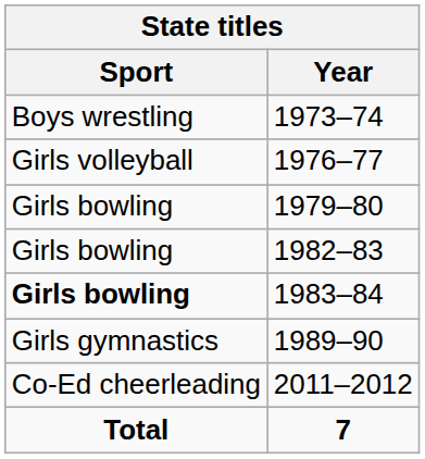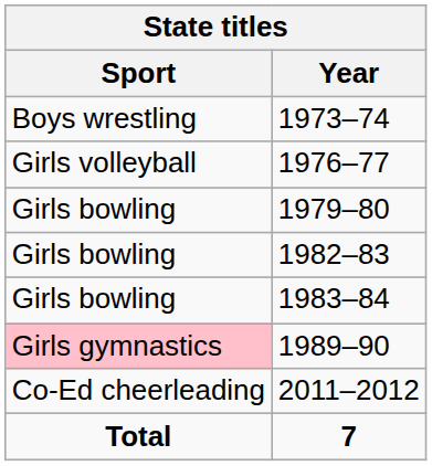 <table class="wikitable">
 <tr>
 <th colspan="2">State titles</th>
 </tr>
 <tr>
 <th>Sport</th>
 <th>Year</th>
 </tr>
 <tr>
 <td>Boys wrestling</td>
 <td>1973–74</td>
 </tr>
 <tr>
 <td>Girls volleyball</td>
 <td>1976–77</td>
 </tr>
 <tr>
 <td>Girls bowling</td>
 <td>1979–80</td>
 </tr>
 <tr>
 <td rowspan="1">Girls bowling</td>
 <td>1982–83</td>
 </tr>
 <tr>
-<td rowspan="1"><strong>Girls bowling</strong></td>
+<td rowspan="1">Girls bowling</td>
 <td>1983–84</td>
 </tr>
 <tr>
-<td rowspan="1">Girls gymnastics</td>
+<td rowspan="1" style="background: pink;">Girls gymnastics</td>
 <td>1989–90</td>
 </tr>
 <tr>
 <td rowspan="1">Co-Ed cheerleading</td>
 <td>2011–2012</td>
 </tr>
 <tr>
 <td align="center" colspan="1"><strong>Total</strong></td>
 <td align="center"><strong>7</strong></td>
 </tr>
 </table>
